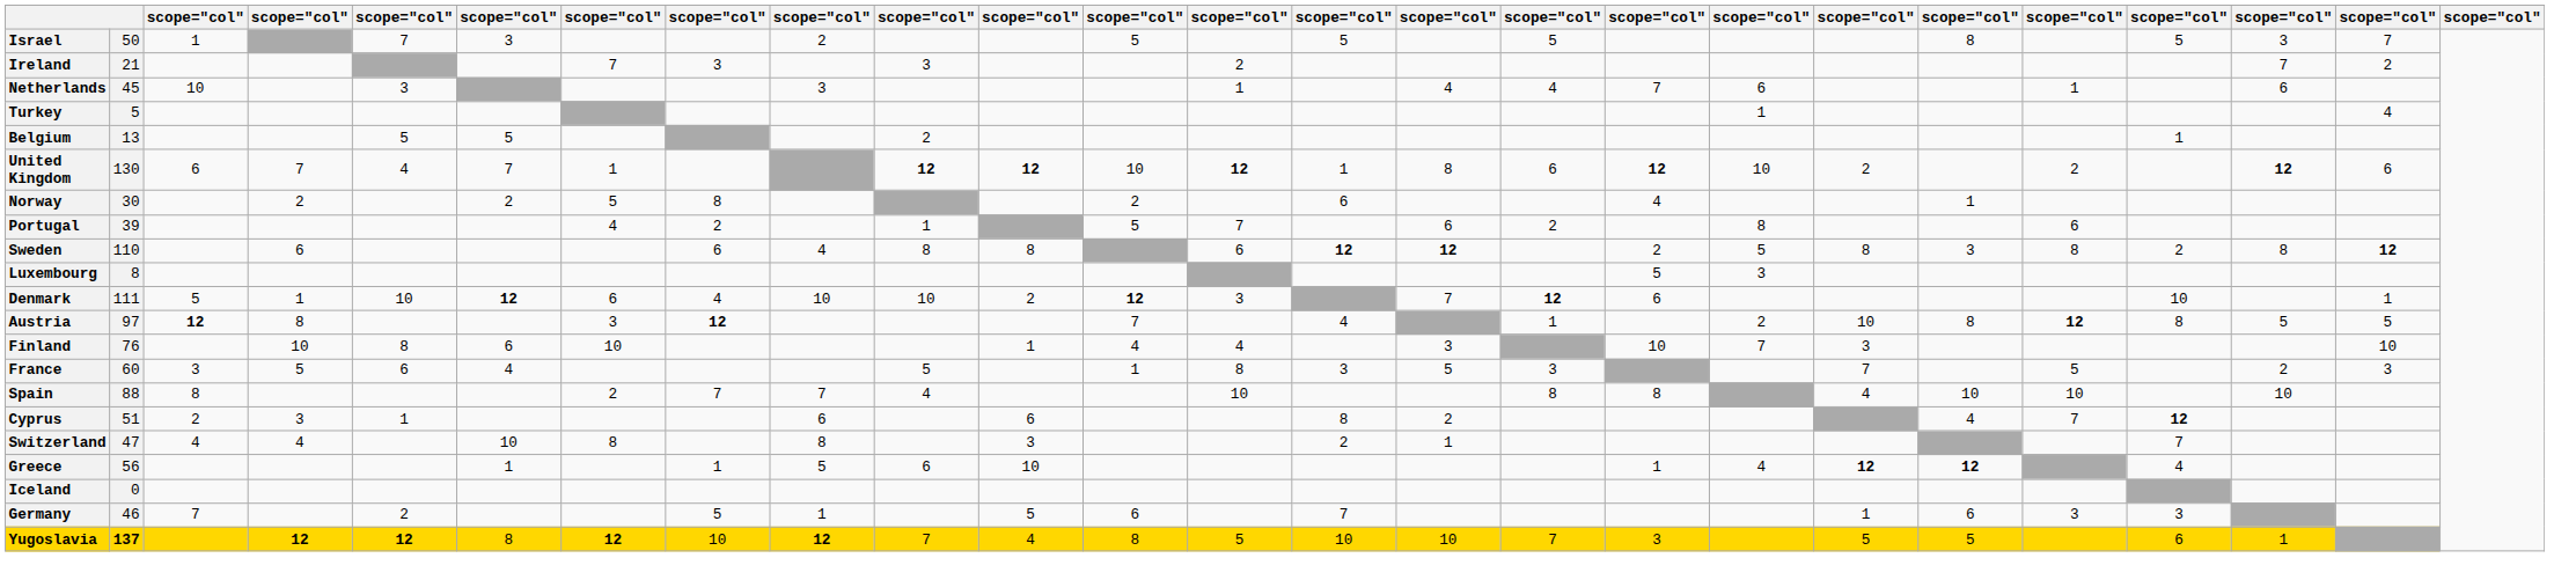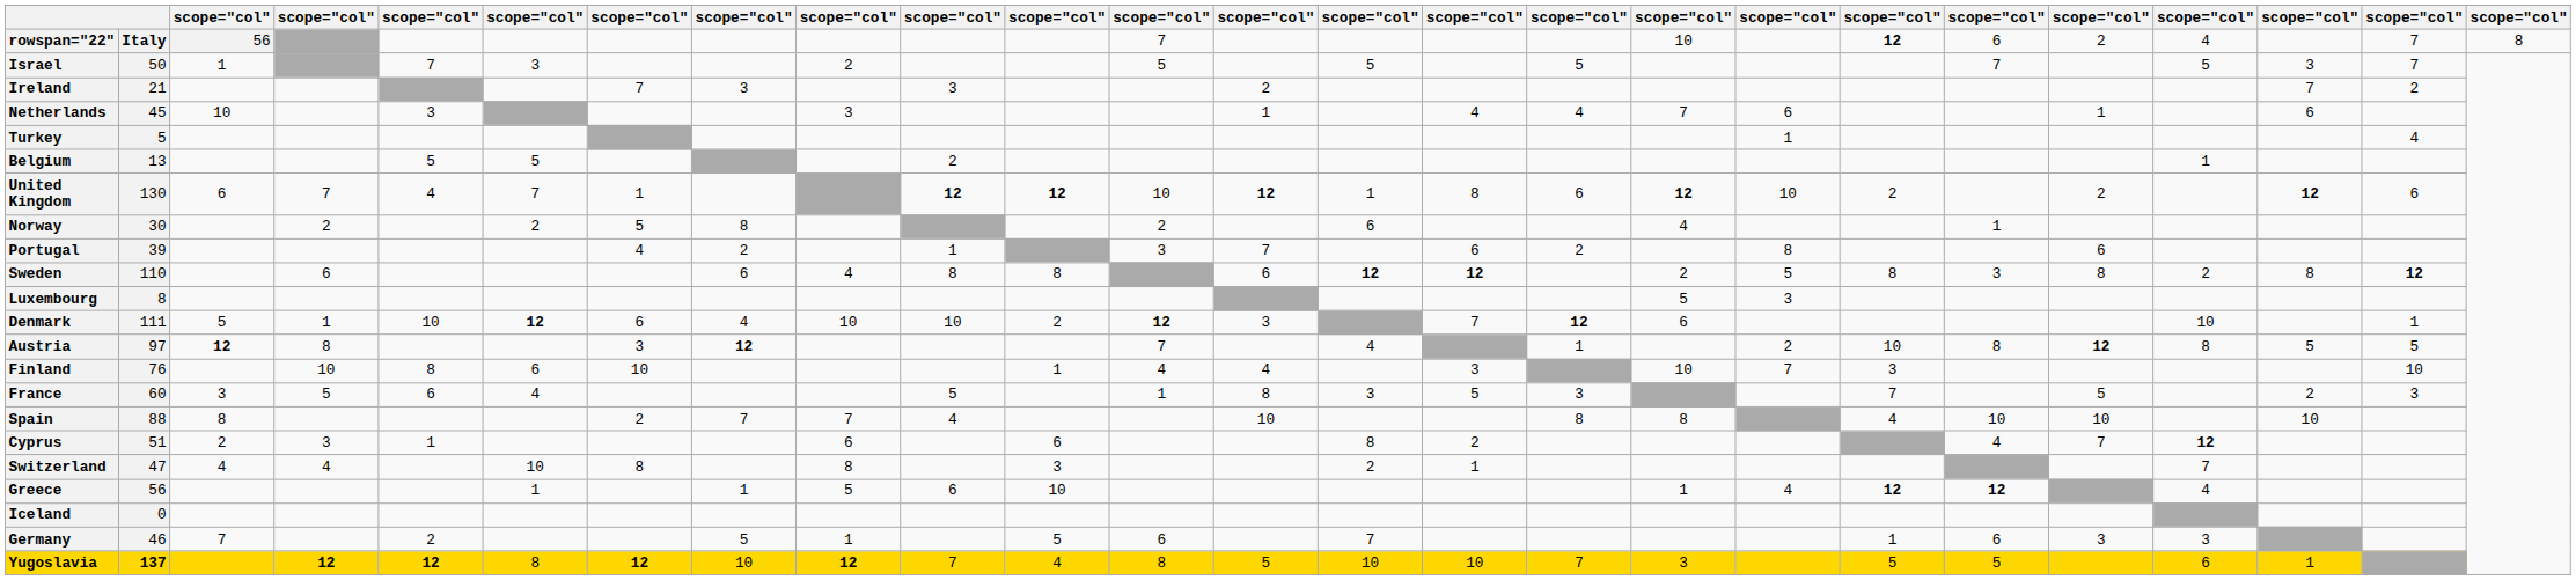 <table class="wikitable plainrowheaders" style="text-align:center;">
 <tr>
 </tr>
 <tr>
 <th colspan="2"></th>
 <th>scope="col" </th>
 <th>scope="col" </th>
 <th>scope="col" </th>
 <th>scope="col" </th>
 <th>scope="col" </th>
 <th>scope="col" </th>
 <th>scope="col" </th>
 <th>scope="col" </th>
 <th>scope="col" </th>
 <th>scope="col" </th>
 <th>scope="col" </th>
 <th>scope="col" </th>
 <th>scope="col" </th>
 <th>scope="col" </th>
 <th>scope="col" </th>
 <th>scope="col" </th>
 <th>scope="col" </th>
 <th>scope="col" </th>
 <th>scope="col" </th>
 <th>scope="col" </th>
 <th>scope="col" </th>
 <th>scope="col" </th>
 <th>scope="col" </th>
 </tr>
 <tr>
+<th>rowspan="22" </th>
+<th scope="row" style="text-align:left; background:#f2f2f2;">Italy</th>
+<td style="text-align:right; background:#f2f2f2;">56</td>
+<td style="text-align:left; background:#aaa;"></td>
+<td></td>
+<td></td>
+<td></td>
+<td></td>
+<td></td>
+<td></td>
+<td></td>
+<td>7</td>
+<td></td>
+<td></td>
+<td></td>
+<td></td>
+<td>10</td>
+<td></td>
+<td><strong>12</strong></td>
+<td>6</td>
+<td>2</td>
+<td>4</td>
+<td></td>
+<td>7</td>
+<td>8</td>
+</tr>
+<tr>
 <th scope="row" style="text-align:left; background:#f2f2f2;">Israel</th>
 <td style="text-align:right; background:#f2f2f2;">50</td>
 <td>1</td>
 <td style="text-align:left; background:#aaa;"></td>
 <td>7</td>
 <td>3</td>
 <td></td>
 <td></td>
 <td>2</td>
 <td></td>
 <td></td>
 <td>5</td>
 <td></td>
 <td>5</td>
 <td></td>
 <td>5</td>
 <td></td>
 <td></td>
 <td></td>
-<td>8</td>
+<td>7</td>
 <td></td>
 <td>5</td>
 <td>3</td>
 <td>7</td>
 </tr>
 <tr>
 <th scope="row" style="text-align:left; background:#f2f2f2;">Ireland</th>
 <td style="text-align:right; background:#f2f2f2;">21</td>
 <td></td>
 <td></td>
 <td style="text-align:left; background:#aaa;"></td>
 <td></td>
 <td>7</td>
 <td>3</td>
 <td></td>
 <td>3</td>
 <td></td>
 <td></td>
 <td>2</td>
 <td></td>
 <td></td>
 <td></td>
 <td></td>
 <td></td>
 <td></td>
 <td></td>
 <td></td>
 <td></td>
 <td>7</td>
 <td>2</td>
 </tr>
 <tr>
 <th scope="row" style="text-align:left; background:#f2f2f2;">Netherlands</th>
 <td style="text-align:right; background:#f2f2f2;">45</td>
 <td>10</td>
 <td></td>
 <td>3</td>
 <td style="text-align:left; background:#aaa;"></td>
 <td></td>
 <td></td>
 <td>3</td>
 <td></td>
 <td></td>
 <td></td>
 <td>1</td>
 <td></td>
 <td>4</td>
 <td>4</td>
 <td>7</td>
 <td>6</td>
 <td></td>
 <td></td>
 <td>1</td>
 <td></td>
 <td>6</td>
 <td></td>
 </tr>
 <tr>
 <th scope="row" style="text-align:left; background:#f2f2f2;">Turkey</th>
 <td style="text-align:right; background:#f2f2f2;">5</td>
 <td></td>
 <td></td>
 <td></td>
 <td></td>
 <td style="text-align:left; background:#aaa;"></td>
 <td></td>
 <td></td>
 <td></td>
 <td></td>
 <td></td>
 <td></td>
 <td></td>
 <td></td>
 <td></td>
 <td></td>
 <td>1</td>
 <td></td>
 <td></td>
 <td></td>
 <td></td>
 <td></td>
 <td>4</td>
 </tr>
 <tr>
 <th scope="row" style="text-align:left; background:#f2f2f2;">Belgium</th>
 <td style="text-align:right; background:#f2f2f2;">13</td>
 <td></td>
 <td></td>
 <td>5</td>
 <td>5</td>
 <td></td>
 <td style="text-align:left; background:#aaa;"></td>
 <td></td>
 <td>2</td>
 <td></td>
 <td></td>
 <td></td>
 <td></td>
 <td></td>
 <td></td>
 <td></td>
 <td></td>
 <td></td>
 <td></td>
 <td></td>
 <td>1</td>
 <td></td>
 <td></td>
 </tr>
 <tr>
 <th scope="row" style="text-align:left; background:#f2f2f2;">United Kingdom</th>
 <td style="text-align:right; background:#f2f2f2;">130</td>
 <td>6</td>
 <td>7</td>
 <td>4</td>
 <td>7</td>
 <td>1</td>
 <td></td>
 <td style="text-align:left; background:#aaa;"></td>
 <td><strong>12</strong></td>
 <td><strong>12</strong></td>
 <td>10</td>
 <td><strong>12</strong></td>
 <td>1</td>
 <td>8</td>
 <td>6</td>
 <td><strong>12</strong></td>
 <td>10</td>
 <td>2</td>
 <td></td>
 <td>2</td>
 <td></td>
 <td><strong>12</strong></td>
 <td>6</td>
 </tr>
 <tr>
 <th scope="row" style="text-align:left; background:#f2f2f2;">Norway</th>
 <td style="text-align:right; background:#f2f2f2;">30</td>
 <td></td>
 <td>2</td>
 <td></td>
 <td>2</td>
 <td>5</td>
 <td>8</td>
 <td></td>
 <td style="text-align:left; background:#aaa;"></td>
 <td></td>
 <td>2</td>
 <td></td>
 <td>6</td>
 <td></td>
 <td></td>
 <td>4</td>
 <td></td>
 <td></td>
 <td>1</td>
 <td></td>
 <td></td>
 <td></td>
 <td></td>
 </tr>
 <tr>
 <th scope="row" style="text-align:left; background:#f2f2f2;">Portugal</th>
 <td style="text-align:right; background:#f2f2f2;">39</td>
 <td></td>
 <td></td>
 <td></td>
 <td></td>
 <td>4</td>
 <td>2</td>
 <td></td>
 <td>1</td>
 <td style="text-align:left; background:#aaa;"></td>
-<td>5</td>
+<td>3</td>
 <td>7</td>
 <td></td>
 <td>6</td>
 <td>2</td>
 <td></td>
 <td>8</td>
 <td></td>
 <td></td>
 <td>6</td>
 <td></td>
 <td></td>
 <td></td>
 </tr>
 <tr>
 <th scope="row" style="text-align:left; background:#f2f2f2;">Sweden</th>
 <td style="text-align:right; background:#f2f2f2;">110</td>
 <td></td>
 <td>6</td>
 <td></td>
 <td></td>
 <td></td>
 <td>6</td>
 <td>4</td>
 <td>8</td>
 <td>8</td>
 <td style="text-align:left; background:#aaa;"></td>
 <td>6</td>
 <td><strong>12</strong></td>
 <td><strong>12</strong></td>
 <td></td>
 <td>2</td>
 <td>5</td>
 <td>8</td>
 <td>3</td>
 <td>8</td>
 <td>2</td>
 <td>8</td>
 <td><strong>12</strong></td>
 </tr>
 <tr>
 <th scope="row" style="text-align:left; background:#f2f2f2;">Luxembourg</th>
 <td style="text-align:right; background:#f2f2f2;">8</td>
 <td></td>
 <td></td>
 <td></td>
 <td></td>
 <td></td>
 <td></td>
 <td></td>
 <td></td>
 <td></td>
 <td></td>
 <td style="text-align:left; background:#aaa;"></td>
 <td></td>
 <td></td>
 <td></td>
 <td>5</td>
 <td>3</td>
 <td></td>
 <td></td>
 <td></td>
 <td></td>
 <td></td>
 <td></td>
 </tr>
 <tr>
 <th scope="row" style="text-align:left; background:#f2f2f2;">Denmark</th>
 <td style="text-align:right; background:#f2f2f2;">111</td>
 <td>5</td>
 <td>1</td>
 <td>10</td>
 <td><strong>12</strong></td>
 <td>6</td>
 <td>4</td>
 <td>10</td>
 <td>10</td>
 <td>2</td>
 <td><strong>12</strong></td>
 <td>3</td>
 <td style="text-align:left; background:#aaa;"></td>
 <td>7</td>
 <td><strong>12</strong></td>
 <td>6</td>
 <td></td>
 <td></td>
 <td></td>
 <td></td>
 <td>10</td>
 <td></td>
 <td>1</td>
 </tr>
 <tr>
 <th scope="row" style="text-align:left; background:#f2f2f2;">Austria</th>
 <td style="text-align:right; background:#f2f2f2;">97</td>
 <td><strong>12</strong></td>
 <td>8</td>
 <td></td>
 <td></td>
 <td>3</td>
 <td><strong>12</strong></td>
 <td></td>
 <td></td>
 <td></td>
 <td>7</td>
 <td></td>
 <td>4</td>
 <td style="text-align:left; background:#aaa;"></td>
 <td>1</td>
 <td></td>
 <td>2</td>
 <td>10</td>
 <td>8</td>
 <td><strong>12</strong></td>
 <td>8</td>
 <td>5</td>
 <td>5</td>
 </tr>
 <tr>
 <th scope="row" style="text-align:left; background:#f2f2f2;">Finland</th>
 <td style="text-align:right; background:#f2f2f2;">76</td>
 <td></td>
 <td>10</td>
 <td>8</td>
 <td>6</td>
 <td>10</td>
 <td></td>
 <td></td>
 <td></td>
 <td>1</td>
 <td>4</td>
 <td>4</td>
 <td></td>
 <td>3</td>
 <td style="text-align:left; background:#aaa;"></td>
 <td>10</td>
 <td>7</td>
 <td>3</td>
 <td></td>
 <td></td>
 <td></td>
 <td></td>
 <td>10</td>
 </tr>
 <tr>
 <th scope="row" style="text-align:left; background:#f2f2f2;">France</th>
 <td style="text-align:right; background:#f2f2f2;">60</td>
 <td>3</td>
 <td>5</td>
 <td>6</td>
 <td>4</td>
 <td></td>
 <td></td>
 <td></td>
 <td>5</td>
 <td></td>
 <td>1</td>
 <td>8</td>
 <td>3</td>
 <td>5</td>
 <td>3</td>
 <td style="text-align:left; background:#aaa;"></td>
 <td></td>
 <td>7</td>
 <td></td>
 <td>5</td>
 <td></td>
 <td>2</td>
 <td>3</td>
 </tr>
 <tr>
 <th scope="row" style="text-align:left; background:#f2f2f2;">Spain</th>
 <td style="text-align:right; background:#f2f2f2;">88</td>
 <td>8</td>
 <td></td>
 <td></td>
 <td></td>
 <td>2</td>
 <td>7</td>
 <td>7</td>
 <td>4</td>
 <td></td>
 <td></td>
 <td>10</td>
 <td></td>
 <td></td>
 <td>8</td>
 <td>8</td>
 <td style="text-align:left; background:#aaa;"></td>
 <td>4</td>
 <td>10</td>
 <td>10</td>
 <td></td>
 <td>10</td>
 <td></td>
 </tr>
 <tr>
 <th scope="row" style="text-align:left; background:#f2f2f2;">Cyprus</th>
 <td style="text-align:right; background:#f2f2f2;">51</td>
 <td>2</td>
 <td>3</td>
 <td>1</td>
 <td></td>
 <td></td>
 <td></td>
 <td>6</td>
 <td></td>
 <td>6</td>
 <td></td>
 <td></td>
 <td>8</td>
 <td>2</td>
 <td></td>
 <td></td>
 <td></td>
 <td style="text-align:left; background:#aaa;"></td>
 <td>4</td>
 <td>7</td>
 <td><strong>12</strong></td>
 <td></td>
 <td></td>
 </tr>
 <tr>
 <th scope="row" style="text-align:left; background:#f2f2f2;">Switzerland</th>
 <td style="text-align:right; background:#f2f2f2;">47</td>
 <td>4</td>
 <td>4</td>
 <td></td>
 <td>10</td>
 <td>8</td>
 <td></td>
 <td>8</td>
 <td></td>
 <td>3</td>
 <td></td>
 <td></td>
 <td>2</td>
 <td>1</td>
 <td></td>
 <td></td>
 <td></td>
 <td></td>
 <td style="text-align:left; background:#aaa;"></td>
 <td></td>
 <td>7</td>
 <td></td>
 <td></td>
 </tr>
 <tr>
 <th scope="row" style="text-align:left; background:#f2f2f2;">Greece</th>
 <td style="text-align:right; background:#f2f2f2;">56</td>
 <td></td>
 <td></td>
 <td></td>
 <td>1</td>
 <td></td>
 <td>1</td>
 <td>5</td>
 <td>6</td>
 <td>10</td>
 <td></td>
 <td></td>
 <td></td>
 <td></td>
 <td></td>
 <td>1</td>
 <td>4</td>
 <td><strong>12</strong></td>
 <td><strong>12</strong></td>
 <td style="text-align:left; background:#aaa;"></td>
 <td>4</td>
 <td></td>
 <td></td>
 </tr>
 <tr>
 <th scope="row" style="text-align:left; background:#f2f2f2;">Iceland</th>
 <td style="text-align:right; background:#f2f2f2;">0</td>
 <td></td>
 <td></td>
 <td></td>
 <td></td>
 <td></td>
 <td></td>
 <td></td>
 <td></td>
 <td></td>
 <td></td>
 <td></td>
 <td></td>
 <td></td>
 <td></td>
 <td></td>
 <td></td>
 <td></td>
 <td></td>
 <td></td>
 <td style="text-align:left; background:#aaa;"></td>
 <td></td>
 <td></td>
 </tr>
 <tr>
 <th scope="row" style="text-align:left; background:#f2f2f2;">Germany</th>
 <td style="text-align:right; background:#f2f2f2;">46</td>
 <td>7</td>
 <td></td>
 <td>2</td>
 <td></td>
 <td></td>
 <td>5</td>
 <td>1</td>
 <td></td>
 <td>5</td>
 <td>6</td>
 <td></td>
 <td>7</td>
 <td></td>
 <td></td>
 <td></td>
 <td></td>
 <td>1</td>
 <td>6</td>
 <td>3</td>
 <td>3</td>
 <td style="text-align:left; background:#aaa;"></td>
 <td></td>
 </tr>
 <tr style="background:gold;">
 <th scope="row" style="text-align:left; font-weight:bold; background:gold;">Yugoslavia</th>
 <td style="text-align:right; font-weight:bold;">137</td>
 <td></td>
 <td><strong>12</strong></td>
 <td><strong>12</strong></td>
 <td>8</td>
 <td><strong>12</strong></td>
 <td>10</td>
 <td><strong>12</strong></td>
 <td>7</td>
 <td>4</td>
 <td>8</td>
 <td>5</td>
 <td>10</td>
 <td>10</td>
 <td>7</td>
 <td>3</td>
 <td></td>
 <td>5</td>
 <td>5</td>
 <td></td>
 <td>6</td>
 <td>1</td>
 <td style="text-align:left; background:#aaa;"></td>
 </tr>
 </table>
